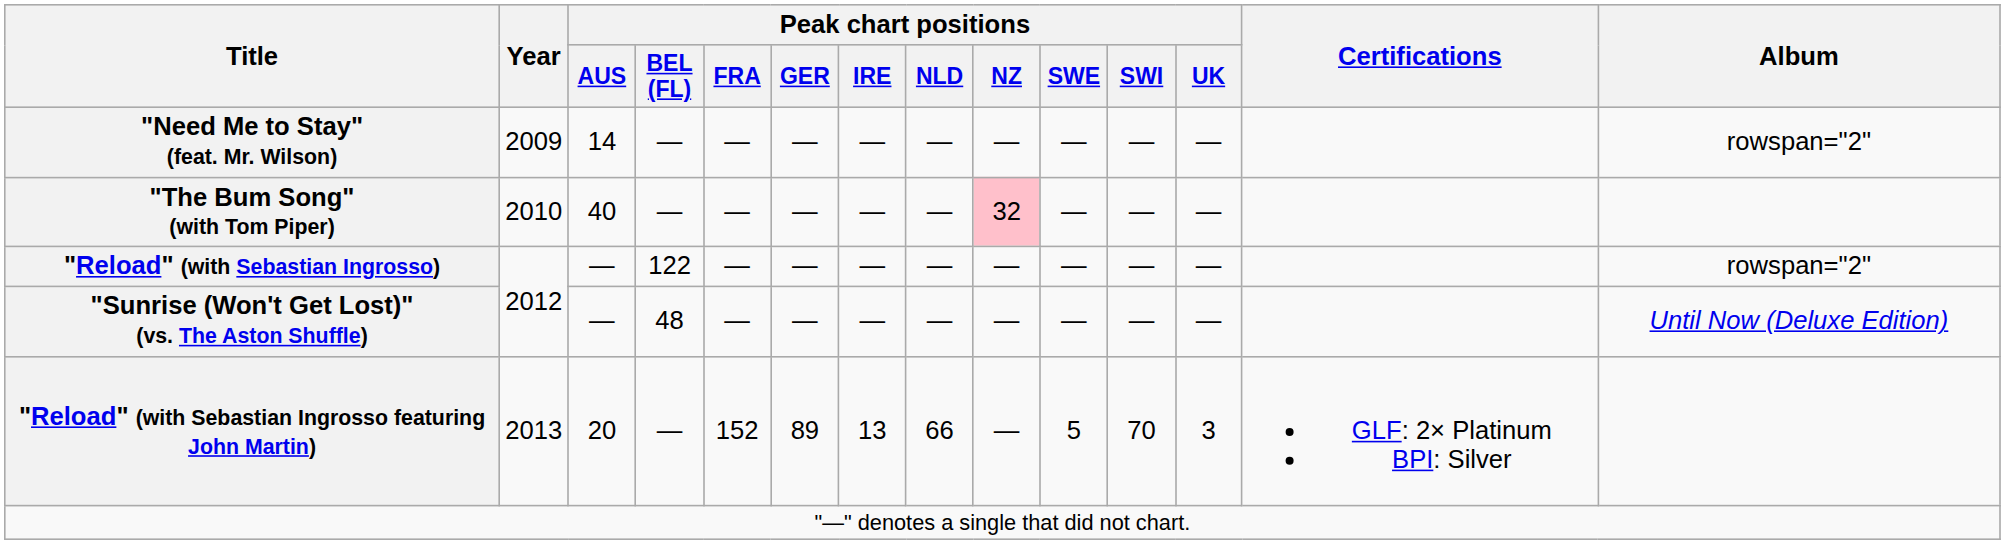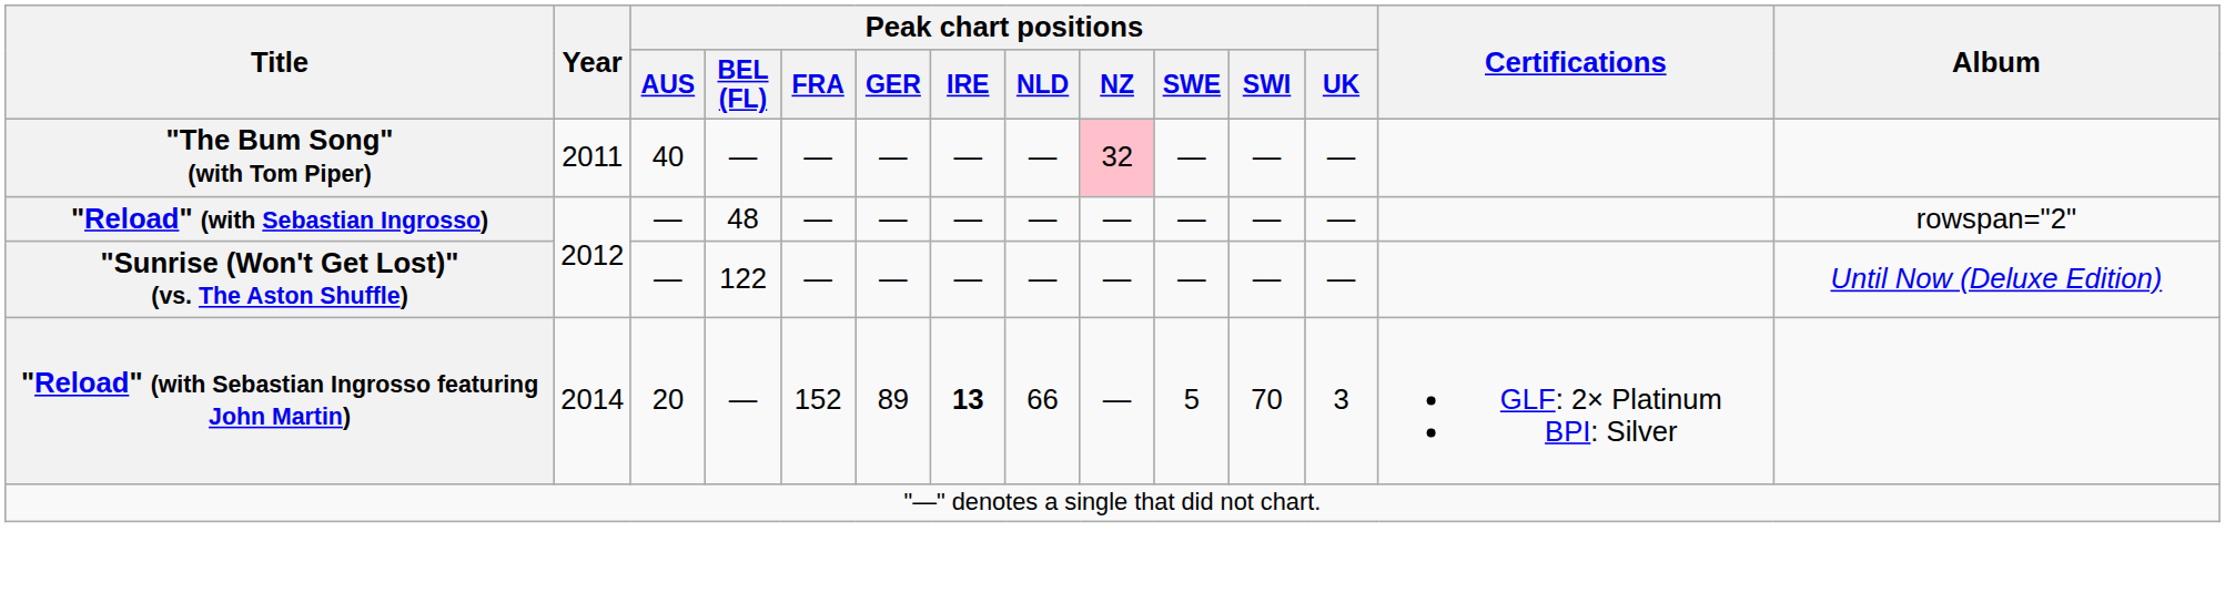 <table class="wikitable plainrowheaders" style="text-align:center;">
 <tr>
 <th scope="col" rowspan="2" style="width:20em;">Title</th>
 <th scope="col" rowspan="2" style="width:1em;">Year</th>
 <th scope="col" colspan="10">Peak chart positions</th>
 <th scope="col" rowspan="2" style="width:14em;"><a href='#'>Certifications</a></th>
 <th scope="col" rowspan="2" style="width:16em;">Album</th>
 </tr>
 <tr>
 <th scope="col" style="width:2.5em;font-size:90%;"><a href='#'>AUS</a><br></th>
 <th scope="col" style="width:2.5em;font-size:90%;"><a href='#'>BEL<br>(FL)</a><br></th>
 <th scope="col" style="width:2.5em;font-size:90%;"><a href='#'>FRA</a><br></th>
 <th scope="col" style="width:2.5em;font-size:90%;"><a href='#'>GER</a><br></th>
 <th scope="col" style="width:2.5em;font-size:90%;"><a href='#'>IRE</a><br></th>
 <th scope="col" style="width:2.5em;font-size:90%;"><a href='#'>NLD</a><br></th>
 <th scope="col" style="width:2.5em;font-size:90%;"><a href='#'>NZ</a><br></th>
 <th scope="col" style="width:2.5em;font-size:90%;"><a href='#'>SWE</a><br></th>
 <th scope="col" style="width:2.5em;font-size:90%;"><a href='#'>SWI</a><br></th>
 <th scope="col" style="width:2.5em;font-size:90%;"><a href='#'>UK</a><br></th>
 </tr>
 <tr>
-<th scope="row">"Need Me to Stay"<br><small>(feat. Mr. Wilson)</small></th>
-<td>2009</td>
-<td>14</td>
-<td>—</td>
-<td>—</td>
-<td>—</td>
-<td>—</td>
-<td>—</td>
-<td>—</td>
-<td>—</td>
-<td>—</td>
-<td>—</td>
-<td></td>
-<td>rowspan="2" </td>
-</tr>
-<tr>
 <th scope="row">"The Bum Song"<br><small>(with Tom Piper)</small></th>
-<td>2010</td>
+<td>2011</td>
 <td>40</td>
 <td>—</td>
 <td>—</td>
 <td>—</td>
 <td>—</td>
 <td>—</td>
 <td style="background: pink;">32</td>
 <td>—</td>
 <td>—</td>
 <td>—</td>
 <td></td>
 </tr>
 <tr>
 <th scope="row">"<a href='#'>Reload</a>" <small>(with <a href='#'>Sebastian Ingrosso</a>)</small></th>
 <td rowspan="2">2012</td>
 <td>—</td>
-<td>122</td>
+<td>48</td>
 <td>—</td>
 <td>—</td>
 <td>—</td>
 <td>—</td>
 <td>—</td>
 <td>—</td>
 <td>—</td>
 <td>—</td>
 <td></td>
 <td>rowspan="2" </td>
 </tr>
 <tr>
 <th scope="row">"Sunrise (Won't Get Lost)"<br><small>(vs. <a href='#'>The Aston Shuffle</a>)</small></th>
 <td>—</td>
-<td>48</td>
+<td>122</td>
 <td>—</td>
 <td>—</td>
 <td>—</td>
 <td>—</td>
 <td>—</td>
 <td>—</td>
 <td>—</td>
 <td>—</td>
 <td></td>
 <td><em><a href='#'>Until Now (Deluxe Edition)</a></em></td>
 </tr>
 <tr>
 <th scope="row">"<a href='#'>Reload</a>" <small>(with Sebastian Ingrosso featuring <a href='#'>John Martin</a>)</small></th>
-<td>2013</td>
+<td>2014</td>
 <td>20</td>
 <td>—</td>
 <td>152</td>
 <td>89</td>
-<td>13</td>
+<td><strong>13</strong></td>
 <td>66</td>
 <td>—</td>
 <td>5</td>
 <td>70</td>
 <td>3</td>
 <td><br><ul><li><a href='#'>GLF</a>: 2× Platinum</li><li><a href='#'>BPI</a>: Silver</li></ul></td>
 </tr>
 <tr>
 <td colspan="14" style="font-size:85%">"—" denotes a single that did not chart.</td>
 </tr>
 </table>
